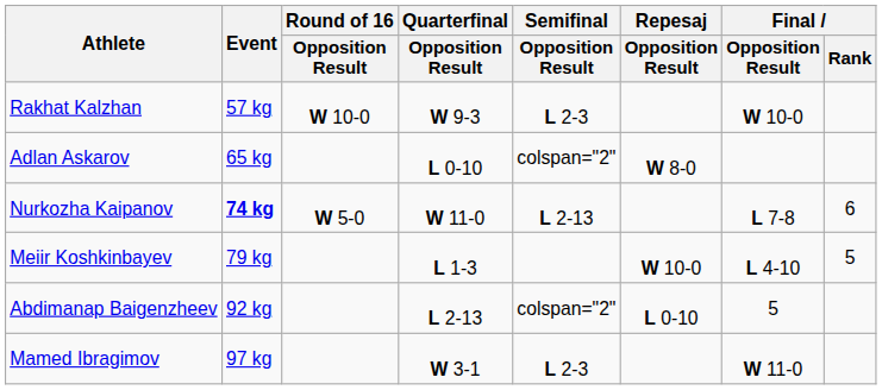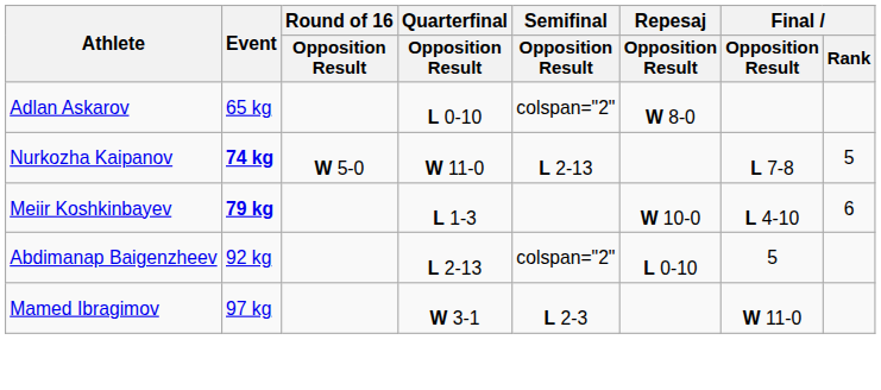 <table class=wikitable style=font-size:90%;text-align:center>
 <tr>
 <th rowspan=2>Athlete</th>
 <th rowspan=2>Event</th>
 <th>Round of 16</th>
 <th>Quarterfinal</th>
 <th>Semifinal</th>
 <th>Repesaj</th>
 <th colspan=2>Final / </th>
 </tr>
 <tr style=font-size:95%>
 <th>Opposition<br>Result</th>
 <th>Opposition<br>Result</th>
 <th>Opposition<br>Result</th>
 <th>Opposition<br>Result</th>
 <th>Opposition<br>Result</th>
 <th>Rank</th>
 </tr>
 <tr>
-<td align=left><a href='#'>Rakhat Kalzhan</a></td>
-<td align=left><a href='#'>57 kg</a></td>
-<td><br><strong>W</strong> 10-0</td>
-<td><br><strong>W</strong> 9-3</td>
-<td><br><strong>L</strong> 2-3</td>
-<td></td>
-<td><br><strong>W</strong> 10-0</td>
-<td></td>
-</tr>
-<tr>
 <td align=left><a href='#'>Adlan Askarov</a></td>
 <td align=left><a href='#'>65 kg</a></td>
 <td></td>
 <td><br><strong>L</strong> 0-10</td>
 <td>colspan="2" </td>
 <td><br><strong>W</strong> 8-0</td>
 <td></td>
 </tr>
 <tr>
 <td align=left><a href='#'>Nurkozha Kaipanov</a></td>
 <td align=left><strong><a href='#'>74 kg</a></strong></td>
 <td><br><strong>W</strong> 5-0</td>
 <td><br><strong>W</strong> 11-0</td>
 <td><br><strong>L</strong> 2-13</td>
 <td></td>
 <td><br><strong>L</strong> 7-8</td>
-<td>6</td>
+<td>5</td>
 </tr>
 <tr>
 <td align=left><a href='#'>Meiir Koshkinbayev</a></td>
-<td align=left><a href='#'>79 kg</a></td>
+<td align=left><strong><a href='#'>79 kg</a></strong></td>
 <td></td>
 <td><br><strong>L</strong> 1-3</td>
 <td></td>
 <td><br><strong>W</strong> 10-0</td>
 <td><br><strong>L</strong> 4-10</td>
-<td>5</td>
+<td>6</td>
 </tr>
 <tr>
 <td align=left><a href='#'>Abdimanap Baigenzheev</a></td>
 <td align=left><a href='#'>92 kg</a></td>
 <td></td>
 <td><br><strong>L</strong> 2-13</td>
 <td>colspan="2" </td>
 <td><br><strong>L</strong> 0-10</td>
 <td>5</td>
 </tr>
 <tr>
 <td align=left><a href='#'>Mamed Ibragimov</a></td>
 <td align=left><a href='#'>97 kg</a></td>
 <td></td>
 <td><br><strong>W</strong> 3-1</td>
 <td><br><strong>L</strong> 2-3</td>
 <td></td>
 <td><br><strong>W</strong> 11-0</td>
 <td></td>
 </tr>
 </table>
